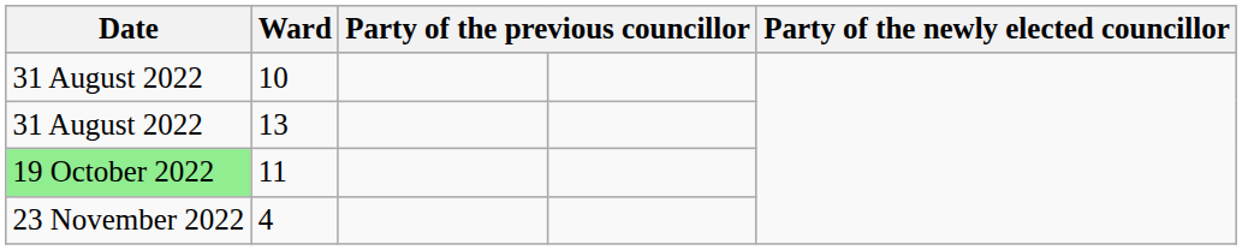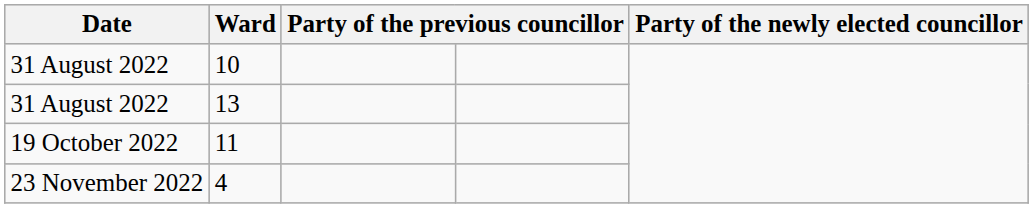 <table class="wikitable">
 <tr>
 <th>Date</th>
 <th>Ward</th>
 <th colspan=2>Party of the previous councillor</th>
 <th colspan=2>Party of the newly elected councillor</th>
 </tr>
 <tr>
 <td>31 August 2022</td>
 <td>10</td>
 <td></td>
 <td></td>
 </tr>
 <tr>
 <td>31 August 2022</td>
 <td>13</td>
 <td></td>
 <td></td>
 </tr>
 <tr>
-<td style="background: lightgreen;">19 October 2022</td>
+<td>19 October 2022</td>
 <td>11</td>
 <td></td>
 <td></td>
 </tr>
 <tr>
 <td>23 November 2022</td>
 <td>4</td>
 <td></td>
 <td></td>
 </tr>
 </table>
